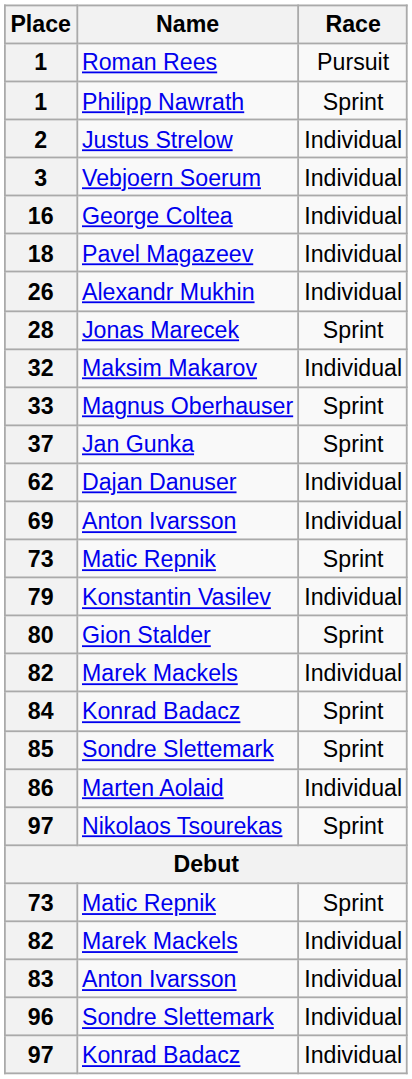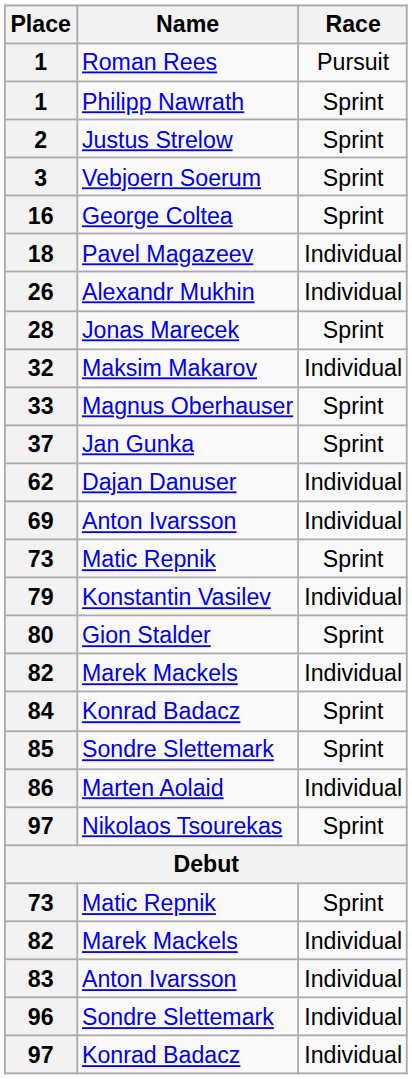 <table class="wikitable plainrowheaders" style="font-size:80%; text-align:center; display:inline-table;">
 <tr>
 <th>Place</th>
 <th>Name</th>
 <th>Race</th>
 </tr>
 <tr>
 <th>1</th>
 <td style="text-align:left"> <a href='#'>Roman Rees</a></td>
 <td>Pursuit</td>
 </tr>
 <tr>
 <th>1</th>
 <td style="text-align:left"> <a href='#'>Philipp Nawrath</a></td>
 <td>Sprint</td>
 </tr>
 <tr>
 <th>2</th>
 <td style="text-align:left"> <a href='#'>Justus Strelow</a></td>
-<td>Individual</td>
+<td>Sprint</td>
 </tr>
 <tr>
 <th>3</th>
 <td style="text-align:left"> <a href='#'>Vebjoern Soerum</a></td>
-<td>Individual</td>
+<td>Sprint</td>
 </tr>
 <tr>
 <th>16</th>
 <td style="text-align:left"> <a href='#'>George Coltea</a></td>
-<td>Individual</td>
+<td>Sprint</td>
 </tr>
 <tr>
 <th>18</th>
 <td style="text-align:left"> <a href='#'>Pavel Magazeev</a></td>
 <td>Individual</td>
 </tr>
 <tr>
 <th>26</th>
 <td style="text-align:left"> <a href='#'>Alexandr Mukhin</a></td>
 <td>Individual</td>
 </tr>
 <tr>
 <th>28</th>
 <td style="text-align:left"> <a href='#'>Jonas Marecek</a></td>
 <td>Sprint</td>
 </tr>
 <tr>
 <th>32</th>
 <td style="text-align:left"> <a href='#'>Maksim Makarov</a></td>
 <td>Individual</td>
 </tr>
 <tr>
 <th>33</th>
 <td style="text-align:left"> <a href='#'>Magnus Oberhauser</a></td>
 <td>Sprint</td>
 </tr>
 <tr>
 <th>37</th>
 <td style="text-align:left"> <a href='#'>Jan Gunka</a></td>
 <td>Sprint</td>
 </tr>
 <tr>
 <th>62</th>
 <td style="text-align:left"> <a href='#'>Dajan Danuser</a></td>
 <td>Individual</td>
 </tr>
 <tr>
 <th>69</th>
 <td style="text-align:left"> <a href='#'>Anton Ivarsson</a></td>
 <td>Individual</td>
 </tr>
 <tr>
 <th>73</th>
 <td style="text-align:left"> <a href='#'>Matic Repnik</a></td>
 <td>Sprint</td>
 </tr>
 <tr>
 <th>79</th>
 <td style="text-align:left"> <a href='#'>Konstantin Vasilev</a></td>
 <td>Individual</td>
 </tr>
 <tr>
 <th>80</th>
 <td style="text-align:left"> <a href='#'>Gion Stalder</a></td>
 <td>Sprint</td>
 </tr>
 <tr>
 <th>82</th>
 <td style="text-align:left"> <a href='#'>Marek Mackels</a></td>
 <td>Individual</td>
 </tr>
 <tr>
 <th>84</th>
 <td style="text-align:left"> <a href='#'>Konrad Badacz</a></td>
 <td>Sprint</td>
 </tr>
 <tr>
 <th>85</th>
 <td style="text-align:left"> <a href='#'>Sondre Slettemark</a></td>
 <td>Sprint</td>
 </tr>
 <tr>
 <th>86</th>
 <td style="text-align:left"> <a href='#'>Marten Aolaid</a></td>
 <td>Individual</td>
 </tr>
 <tr>
 <th>97</th>
 <td style="text-align:left"> <a href='#'>Nikolaos Tsourekas</a></td>
 <td>Sprint</td>
 </tr>
 <tr>
 <th colspan=4>Debut</th>
 </tr>
 <tr>
 <th>73</th>
 <td style="text-align:left"> <a href='#'>Matic Repnik</a></td>
 <td>Sprint</td>
 </tr>
 <tr>
 <th>82</th>
 <td style="text-align:left"> <a href='#'>Marek Mackels</a></td>
 <td>Individual</td>
 </tr>
 <tr>
 <th>83</th>
 <td style="text-align:left"> <a href='#'>Anton Ivarsson</a></td>
 <td>Individual</td>
 </tr>
 <tr>
 <th>96</th>
 <td style="text-align:left"> <a href='#'>Sondre Slettemark</a></td>
 <td>Individual</td>
 </tr>
 <tr>
 <th>97</th>
 <td style="text-align:left"> <a href='#'>Konrad Badacz</a></td>
 <td>Individual</td>
 </tr>
 </table>
